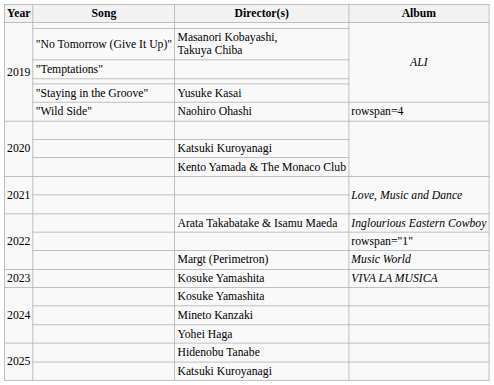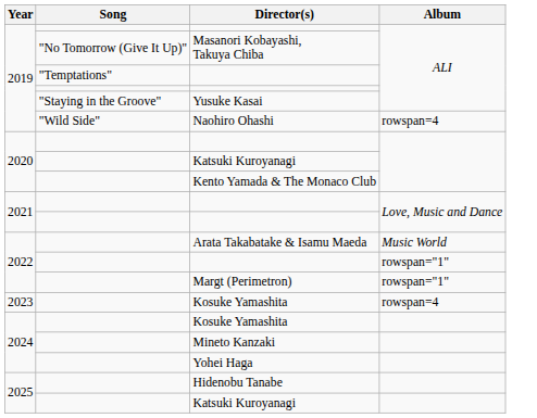 <table class="wikitable">
 <tr>
 <th rowspan="1">Year</th>
 <th rowspan="1">Song</th>
 <th rowspan="1">Director(s)<br></th>
 <th rowspan="1">Album</th>
 </tr>
 <tr>
 <td rowspan=6>2019</td>
 <td></td>
 <td></td>
 <td rowspan=5 align="center"><em>ALI</em></td>
 </tr>
 <tr>
 <td>"No Tomorrow (Give It Up)"</td>
 <td>Masanori Kobayashi,<br>Takuya Chiba</td>
 </tr>
 <tr>
 <td>"Temptations"</td>
 <td></td>
 </tr>
 <tr>
 <td></td>
 <td></td>
 </tr>
 <tr>
 <td>"Staying in the Groove"</td>
 <td>Yusuke Kasai</td>
 </tr>
 <tr>
 <td>"Wild Side"</td>
 <td>Naohiro Ohashi</td>
 <td>rowspan=4 </td>
 </tr>
 <tr>
 <td rowspan=3>2020</td>
 <td><br></td>
 <td></td>
 </tr>
 <tr>
 <td><br></td>
 <td>Katsuki Kuroyanagi</td>
 </tr>
 <tr>
 <td><br></td>
 <td>Kento Yamada & The Monaco Club</td>
 </tr>
 <tr>
 <td rowspan=2>2021</td>
 <td><br></td>
 <td></td>
 <td rowspan=2><em>Love, Music and Dance</em></td>
 </tr>
 <tr>
 <td><br></td>
 <td></td>
 </tr>
 <tr>
 <td rowspan="3">2022</td>
 <td><br></td>
 <td>Arata Takabatake & Isamu Maeda</td>
-<td><em>Inglourious Eastern Cowboy</em></td>
+<td><em>Music World</em></td>
 </tr>
 <tr>
 <td><br></td>
 <td></td>
 <td>rowspan="1" </td>
 </tr>
 <tr>
 <td><br></td>
 <td>Margt (Perimetron)</td>
-<td><em>Music World</em></td>
+<td>rowspan="1" </td>
 </tr>
 <tr>
 <td>2023</td>
 <td></td>
 <td>Kosuke Yamashita</td>
-<td><em>VIVA LA MUSICA</em></td>
+<td>rowspan=4 </td>
 </tr>
 <tr>
 <td rowspan="3">2024</td>
 <td><br></td>
 <td>Kosuke Yamashita</td>
 <td></td>
 </tr>
 <tr>
 <td><br></td>
 <td>Mineto Kanzaki</td>
 <td></td>
 </tr>
 <tr>
 <td><br></td>
 <td>Yohei Haga</td>
 <td></td>
 </tr>
 <tr>
 <td rowspan="2">2025</td>
 <td></td>
 <td>Hidenobu Tanabe</td>
 <td></td>
 </tr>
 <tr>
 <td><br></td>
 <td>Katsuki Kuroyanagi</td>
 <td></td>
 </tr>
 </table>
